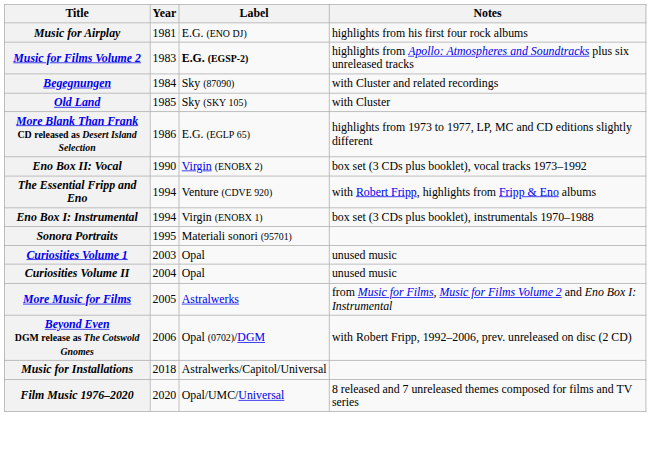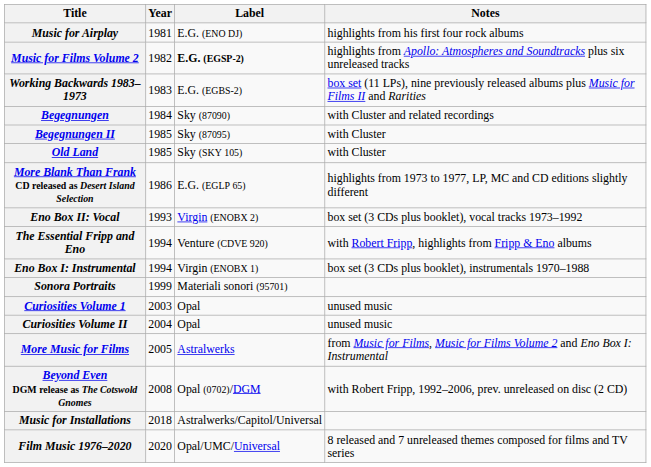 <table class="wikitable sortable plainrowheaders">
 <tr>
 <th>Title</th>
 <th style="text-aligned:center">Year</th>
 <th>Label</th>
 <th>Notes</th>
 </tr>
 <tr>
 <th scope="row"><em>Music for Airplay</em></th>
 <td>1981</td>
 <td>E.G. <small>(ENO DJ)</small></td>
 <td>highlights from his first four rock albums</td>
 </tr>
 <tr>
 <th scope="row"><em><a href='#'>Music for Films Volume 2</a></em></th>
-<td>1983</td>
+<td>1982</td>
 <td><strong>E.G. <small>(EGSP-2)</small></strong></td>
 <td>highlights from <em><a href='#'>Apollo: Atmospheres and Soundtracks</a></em> plus six unreleased tracks</td>
+</tr>
+<tr>
+<th scope="row"><em>Working Backwards 1983–1973</em></th>
+<td>1983</td>
+<td>E.G. <small>(EGBS-2)</small></td>
+<td><a href='#'>box set</a> (11 LPs), nine previously released albums plus <em><a href='#'>Music for Films II</a></em> and <em>Rarities</em></td>
 </tr>
 <tr>
 <th scope="row"><em><a href='#'>Begegnungen</a></em></th>
 <td>1984</td>
 <td>Sky <small>(87090)</small></td>
 <td>with Cluster and related recordings</td>
+</tr>
+<tr>
+<th scope="row"><em><a href='#'>Begegnungen II</a></em></th>
+<td>1985</td>
+<td>Sky <small>(87095)</small></td>
+<td>with Cluster</td>
 </tr>
 <tr>
 <th scope="row"><em><a href='#'>Old Land</a></em></th>
 <td>1985</td>
 <td>Sky <small>(SKY 105)</small></td>
 <td>with Cluster</td>
 </tr>
 <tr>
 <th scope="row"><em><a href='#'>More Blank Than Frank</a></em><br><small>CD released as <em>Desert Island Selection</em></small></th>
 <td>1986</td>
 <td>E.G. <small>(EGLP 65)</small></td>
 <td>highlights from 1973 to 1977, LP, MC and CD editions slightly different</td>
 </tr>
 <tr>
 <th scope="row"><em>Eno Box II: Vocal</em></th>
-<td>1990</td>
+<td>1993</td>
 <td><a href='#'>Virgin</a> <small>(ENOBX 2)</small></td>
 <td>box set (3 CDs plus booklet), vocal tracks 1973–1992</td>
 </tr>
 <tr>
 <th scope="row"><em>The Essential Fripp and Eno</em></th>
 <td>1994</td>
 <td>Venture <small>(CDVE 920)</small></td>
 <td>with <a href='#'>Robert Fripp</a>, highlights from <a href='#'>Fripp & Eno</a> albums</td>
 </tr>
 <tr>
 <th scope="row"><em>Eno Box I: Instrumental</em></th>
 <td>1994</td>
 <td>Virgin <small>(ENOBX 1)</small></td>
 <td>box set (3 CDs plus booklet), instrumentals 1970–1988</td>
 </tr>
 <tr>
 <th scope="row"><em>Sonora Portraits</em></th>
-<td>1995</td>
+<td>1999</td>
 <td>Materiali sonori <small>(95701)</small></td>
 <td></td>
 </tr>
 <tr>
 <th scope="row"><em><a href='#'>Curiosities Volume 1</a></em></th>
 <td>2003</td>
 <td>Opal</td>
 <td>unused music</td>
 </tr>
 <tr>
 <th scope="row"><em>Curiosities Volume II</em></th>
 <td>2004</td>
 <td>Opal</td>
 <td>unused music</td>
 </tr>
 <tr>
 <th scope="row"><em><a href='#'>More Music for Films</a></em></th>
 <td>2005</td>
 <td><a href='#'>Astralwerks</a></td>
 <td>from <em><a href='#'>Music for Films</a></em>, <em><a href='#'>Music for Films Volume 2</a></em> and <em>Eno Box I: Instrumental</em></td>
 </tr>
 <tr>
 <th scope="row"><em><a href='#'>Beyond Even</a></em><br><small>DGM release as <em>The Cotswold Gnomes</em></small></th>
-<td>2006</td>
+<td>2008</td>
 <td>Opal <small>(0702)</small>/<a href='#'>DGM</a></td>
 <td>with Robert Fripp, 1992–2006, prev. unreleased on disc (2 CD)</td>
 </tr>
 <tr>
 <th scope="row"><em>Music for Installations</em></th>
 <td>2018</td>
 <td>Astralwerks/Capitol/Universal</td>
 <td></td>
 </tr>
 <tr>
 <th scope="row"><em>Film Music 1976–2020</em></th>
 <td>2020</td>
 <td>Opal/UMC/<a href='#'>Universal</a></td>
 <td>8 released and 7 unreleased themes composed for films and TV series</td>
 </tr>
 </table>
